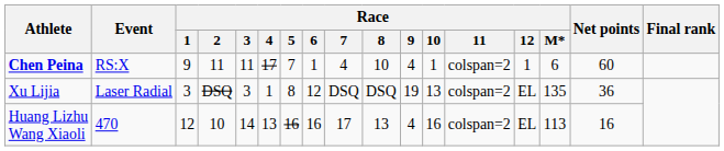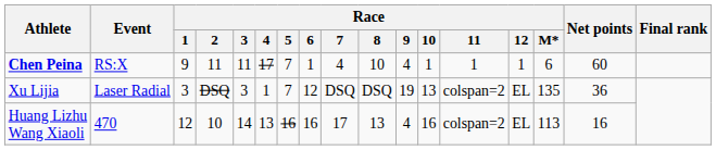 <table class="wikitable" style="font-size:90%">
 <tr>
 <th rowspan="2">Athlete</th>
 <th rowspan="2">Event</th>
 <th colspan=13>Race</th>
 <th rowspan=2>Net points</th>
 <th rowspan=2>Final rank</th>
 </tr>
 <tr style="font-size:95%">
 <th>1</th>
 <th>2</th>
 <th>3</th>
 <th>4</th>
 <th>5</th>
 <th>6</th>
 <th>7</th>
 <th>8</th>
 <th>9</th>
 <th>10</th>
 <th>11</th>
 <th>12</th>
 <th>M*</th>
 </tr>
 <tr align=center>
 <td align=left><strong><a href='#'>Chen Peina</a></strong></td>
 <td align=left><a href='#'>RS:X</a></td>
 <td>9</td>
 <td>11</td>
 <td>11</td>
 <td><s>17</s></td>
 <td>7</td>
 <td>1</td>
 <td>4</td>
 <td>10</td>
 <td>4</td>
 <td>1</td>
-<td>colspan=2 </td>
+<td>1</td>
 <td>1</td>
 <td>6</td>
 <td>60</td>
 <td></td>
 </tr>
 <tr align=center>
 <td align=left><a href='#'>Xu Lijia</a></td>
 <td align=left><a href='#'>Laser Radial</a></td>
 <td>3</td>
 <td><s>DSQ</s></td>
 <td>3</td>
 <td>1</td>
-<td>8</td>
+<td>7</td>
 <td>12</td>
 <td>DSQ</td>
 <td>DSQ</td>
 <td>19</td>
 <td>13</td>
 <td>colspan=2 </td>
 <td>EL</td>
 <td>135</td>
 <td>36</td>
 </tr>
 <tr align=center>
 <td align=left><a href='#'>Huang Lizhu</a><br><a href='#'>Wang Xiaoli</a></td>
 <td align=left><a href='#'>470</a></td>
 <td>12</td>
 <td>10</td>
 <td>14</td>
 <td>13</td>
 <td><s>16</s></td>
 <td>16</td>
 <td>17</td>
 <td>13</td>
 <td>4</td>
 <td>16</td>
 <td>colspan=2 </td>
 <td>EL</td>
 <td>113</td>
 <td>16</td>
 </tr>
 </table>
